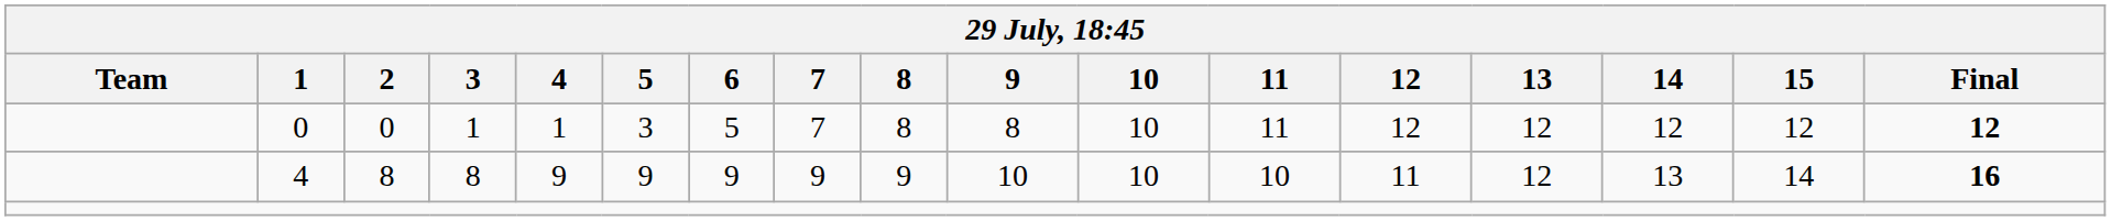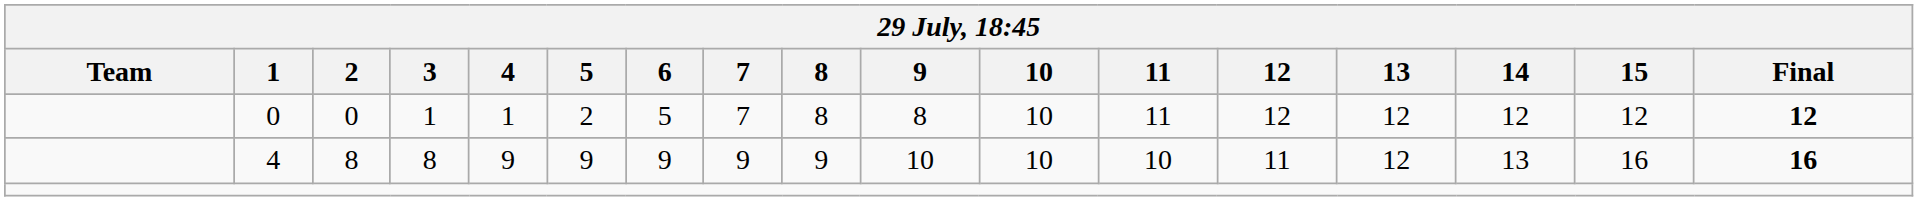 <table class=wikitable style="text-align:center; width: 55%">
 <tr>
 <th colspan=17><em>29 July, 18:45</em></th>
 </tr>
 <tr>
 <th>Team</th>
 <th>1</th>
 <th>2</th>
 <th>3</th>
 <th>4</th>
 <th>5</th>
 <th>6</th>
 <th>7</th>
 <th>8</th>
 <th>9</th>
 <th>10</th>
 <th>11</th>
 <th>12</th>
 <th>13</th>
 <th>14</th>
 <th>15</th>
 <th>Final</th>
 </tr>
 <tr>
 <td align=left></td>
 <td>0</td>
 <td>0</td>
 <td>1</td>
 <td>1</td>
-<td>3</td>
+<td>2</td>
 <td>5</td>
 <td>7</td>
 <td>8</td>
 <td>8</td>
 <td>10</td>
 <td>11</td>
 <td>12</td>
 <td>12</td>
 <td>12</td>
 <td>12</td>
 <td><strong>12</strong></td>
 </tr>
 <tr>
 <td align=left><strong></strong></td>
 <td>4</td>
 <td>8</td>
 <td>8</td>
 <td>9</td>
 <td>9</td>
 <td>9</td>
 <td>9</td>
 <td>9</td>
 <td>10</td>
 <td>10</td>
 <td>10</td>
 <td>11</td>
 <td>12</td>
 <td>13</td>
-<td>14</td>
+<td>16</td>
 <td><strong>16</strong></td>
 </tr>
 <tr>
 <td colspan=17></td>
 </tr>
 </table>
